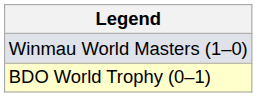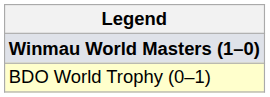 <table class="wikitable">
 <tr>
 <th>Legend</th>
 </tr>
 <tr style="background:#dfe2e9;">
-<td>Winmau World Masters (1–0)</td>
+<td><strong>Winmau World Masters (1–0)</strong></td>
 </tr>
 <tr style="background:#ffc;">
 <td>BDO World Trophy (0–1)</td>
 </tr>
 </table>
